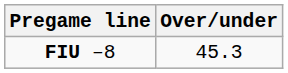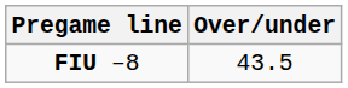 <table class="wikitable">
 <tr align="center">
 <th>Pregame line</th>
 <th>Over/under</th>
 </tr>
 <tr align="center">
 <td><strong>FIU</strong> –8</td>
-<td>45.3</td>
+<td>43.5</td>
 </tr>
 </table>
